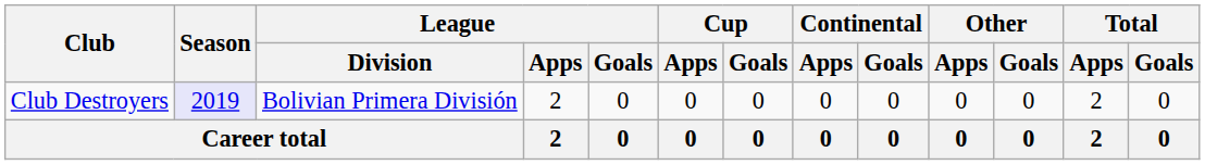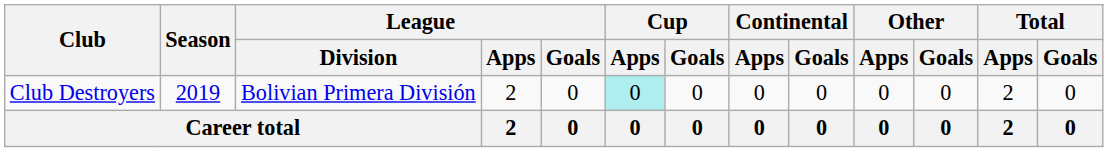 <table class="wikitable" style="text-align: center">
 <tr>
 <th rowspan="2">Club</th>
 <th rowspan="2">Season</th>
 <th colspan="3">League</th>
 <th colspan="2">Cup</th>
 <th colspan="2">Continental</th>
 <th colspan="2">Other</th>
 <th colspan="2">Total</th>
 </tr>
 <tr>
 <th>Division</th>
 <th>Apps</th>
 <th>Goals</th>
 <th>Apps</th>
 <th>Goals</th>
 <th>Apps</th>
 <th>Goals</th>
 <th>Apps</th>
 <th>Goals</th>
 <th>Apps</th>
 <th>Goals</th>
 </tr>
 <tr>
 <td><a href='#'>Club Destroyers</a></td>
-<td style="background: lavender;"><a href='#'>2019</a></td>
+<td><a href='#'>2019</a></td>
 <td><a href='#'>Bolivian Primera División</a></td>
 <td>2</td>
 <td>0</td>
-<td>0</td>
+<td style="background: paleturquoise;">0</td>
 <td>0</td>
 <td>0</td>
 <td>0</td>
 <td>0</td>
 <td>0</td>
 <td>2</td>
 <td>0</td>
 </tr>
 <tr>
 <th colspan="3"><strong>Career total</strong></th>
 <th>2</th>
 <th>0</th>
 <th>0</th>
 <th>0</th>
 <th>0</th>
 <th>0</th>
 <th>0</th>
 <th>0</th>
 <th>2</th>
 <th>0</th>
 </tr>
 </table>
